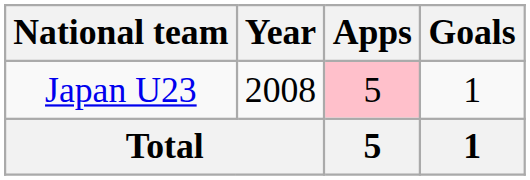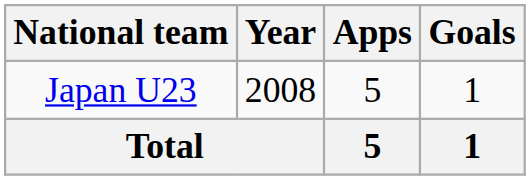 <table class="wikitable" style="text-align:center">
 <tr>
 <th>National team</th>
 <th>Year</th>
 <th>Apps</th>
 <th>Goals</th>
 </tr>
 <tr>
 <td><a href='#'>Japan U23</a></td>
 <td>2008</td>
-<td style="background: pink;">5</td>
+<td>5</td>
 <td>1</td>
 </tr>
 <tr>
 <th colspan="2">Total</th>
 <th>5</th>
 <th>1</th>
 </tr>
 </table>
